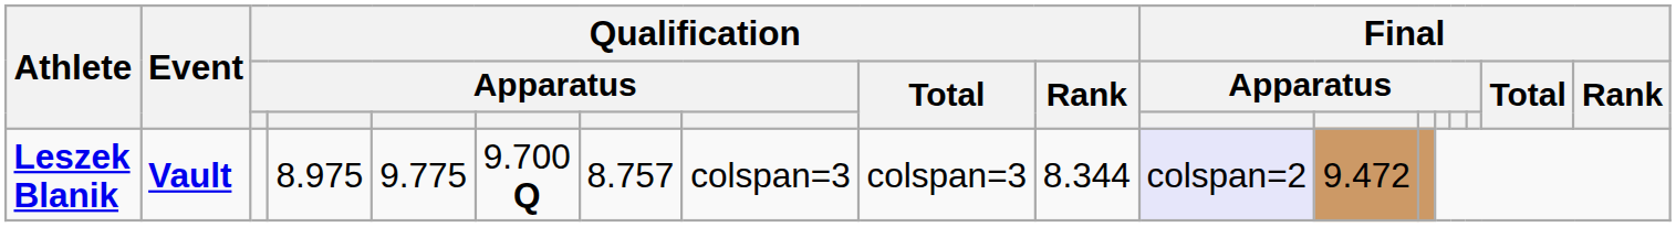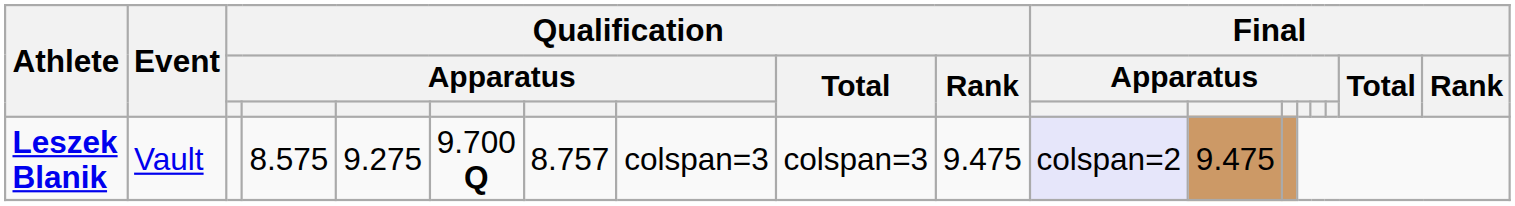 <table class="wikitable" style="font-size:90%">
 <tr>
 <th rowspan=3>Athlete</th>
 <th rowspan=3>Event</th>
 <th colspan =8>Qualification</th>
 <th colspan =8>Final</th>
 </tr>
 <tr style="font-size:95%">
 <th colspan=6>Apparatus</th>
 <th rowspan=2>Total</th>
 <th rowspan=2>Rank</th>
 <th colspan=6>Apparatus</th>
 <th rowspan=2>Total</th>
 <th rowspan=2>Rank</th>
 </tr>
 <tr style="font-size:95%">
 <th></th>
 <th></th>
 <th></th>
 <th></th>
 <th></th>
 <th></th>
 <th></th>
 <th></th>
 <th></th>
 <th></th>
 <th></th>
 <th></th>
 </tr>
 <tr align=center>
 <td align=left><strong><a href='#'>Leszek Blanik</a></strong></td>
-<td align=left><strong><a href='#'>Vault</a></strong></td>
+<td align=left><a href='#'>Vault</a></td>
 <td></td>
-<td>8.975</td>
-<td>9.775</td>
+<td>8.575</td>
+<td>9.275</td>
 <td>9.700 <strong>Q</strong></td>
 <td>8.757</td>
 <td>colspan=3 </td>
 <td>colspan=3 </td>
-<td>8.344</td>
+<td>9.475</td>
 <td style="background: lavender;">colspan=2 </td>
-<td align="center" bgcolor='cc9966'>9.472</td>
+<td align="center" bgcolor='cc9966'>9.475</td>
 <td align="center" bgcolor='cc9966'></td>
 </tr>
 </table>
